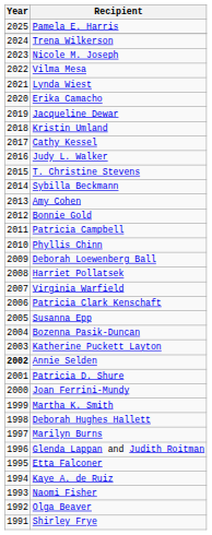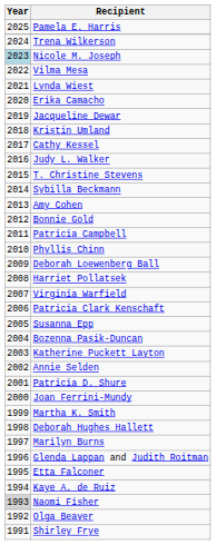 <table class="wikitable">
 <tr>
 <th>Year</th>
 <th>Recipient</th>
 </tr>
 <tr>
 <td>2025</td>
 <td><a href='#'>Pamela E. Harris</a></td>
 </tr>
 <tr>
 </tr>
 <tr>
 <td>2024</td>
 <td><a href='#'>Trena Wilkerson</a></td>
 </tr>
 <tr>
-<td>2023</td>
+<td style="background: lightblue;">2023</td>
 <td><a href='#'>Nicole M. Joseph</a></td>
 </tr>
 <tr>
 <td>2022</td>
 <td><a href='#'>Vilma Mesa</a></td>
 </tr>
 <tr>
 <td>2021</td>
 <td><a href='#'>Lynda Wiest</a></td>
 </tr>
 <tr>
 <td>2020</td>
 <td><a href='#'>Erika Camacho</a></td>
 </tr>
 <tr>
 <td>2019</td>
 <td><a href='#'>Jacqueline Dewar</a></td>
 </tr>
 <tr>
 <td>2018</td>
 <td><a href='#'>Kristin Umland</a></td>
 </tr>
 <tr>
 <td>2017</td>
 <td><a href='#'>Cathy Kessel</a></td>
 </tr>
 <tr>
 <td>2016</td>
 <td><a href='#'>Judy L. Walker</a></td>
 </tr>
 <tr>
 <td>2015</td>
 <td><a href='#'>T. Christine Stevens</a></td>
 </tr>
 <tr>
 <td>2014</td>
 <td><a href='#'>Sybilla Beckmann</a></td>
 </tr>
 <tr>
 <td>2013</td>
 <td><a href='#'>Amy Cohen</a></td>
 </tr>
 <tr>
 <td>2012</td>
 <td><a href='#'>Bonnie Gold</a></td>
 </tr>
 <tr>
 <td>2011</td>
 <td><a href='#'>Patricia Campbell</a></td>
 </tr>
 <tr>
 <td>2010</td>
 <td><a href='#'>Phyllis Chinn</a></td>
 </tr>
 <tr>
 <td>2009</td>
 <td><a href='#'>Deborah Loewenberg Ball</a></td>
 </tr>
 <tr>
 <td>2008</td>
 <td><a href='#'>Harriet Pollatsek</a></td>
 </tr>
 <tr>
 <td>2007</td>
 <td><a href='#'>Virginia Warfield</a></td>
 </tr>
 <tr>
 <td>2006</td>
 <td><a href='#'>Patricia Clark Kenschaft</a></td>
 </tr>
 <tr>
 <td>2005</td>
 <td><a href='#'>Susanna Epp</a></td>
 </tr>
 <tr>
 <td>2004</td>
 <td><a href='#'>Bozenna Pasik-Duncan</a></td>
 </tr>
 <tr>
 <td>2003</td>
 <td><a href='#'>Katherine Puckett Layton</a></td>
 </tr>
 <tr>
-<td><strong>2002</strong></td>
+<td>2002</td>
 <td><a href='#'>Annie Selden</a></td>
 </tr>
 <tr>
 <td>2001</td>
 <td><a href='#'>Patricia D. Shure</a></td>
 </tr>
 <tr>
 <td>2000</td>
 <td><a href='#'>Joan Ferrini-Mundy</a></td>
 </tr>
 <tr>
 <td>1999</td>
 <td><a href='#'>Martha K. Smith</a></td>
 </tr>
 <tr>
 <td>1998</td>
 <td><a href='#'>Deborah Hughes Hallett</a></td>
 </tr>
 <tr>
 <td>1997</td>
 <td><a href='#'>Marilyn Burns</a></td>
 </tr>
 <tr>
 <td>1996</td>
 <td><a href='#'>Glenda Lappan</a> and <a href='#'>Judith Roitman</a></td>
 </tr>
 <tr>
 <td>1995</td>
 <td><a href='#'>Etta Falconer</a></td>
 </tr>
 <tr>
 <td>1994</td>
 <td><a href='#'>Kaye A. de Ruiz</a></td>
 </tr>
 <tr>
-<td>1993</td>
+<td style="background: lightgrey;">1993</td>
 <td><a href='#'>Naomi Fisher</a></td>
 </tr>
 <tr>
 <td>1992</td>
 <td><a href='#'>Olga Beaver</a></td>
 </tr>
 <tr>
 <td>1991</td>
 <td><a href='#'>Shirley Frye</a></td>
 </tr>
 </table>
